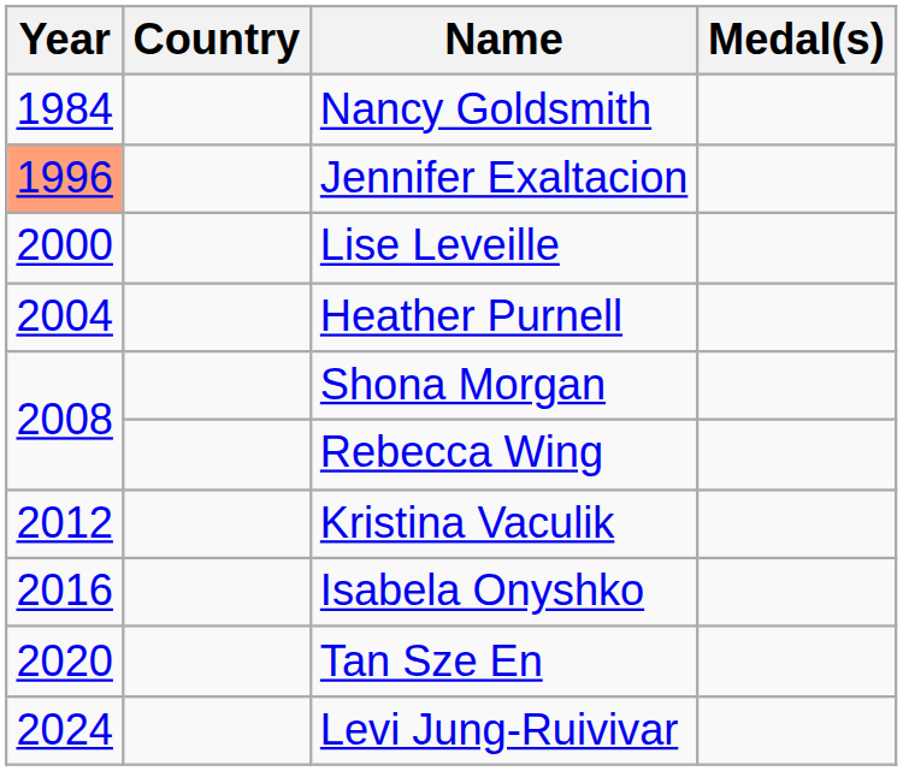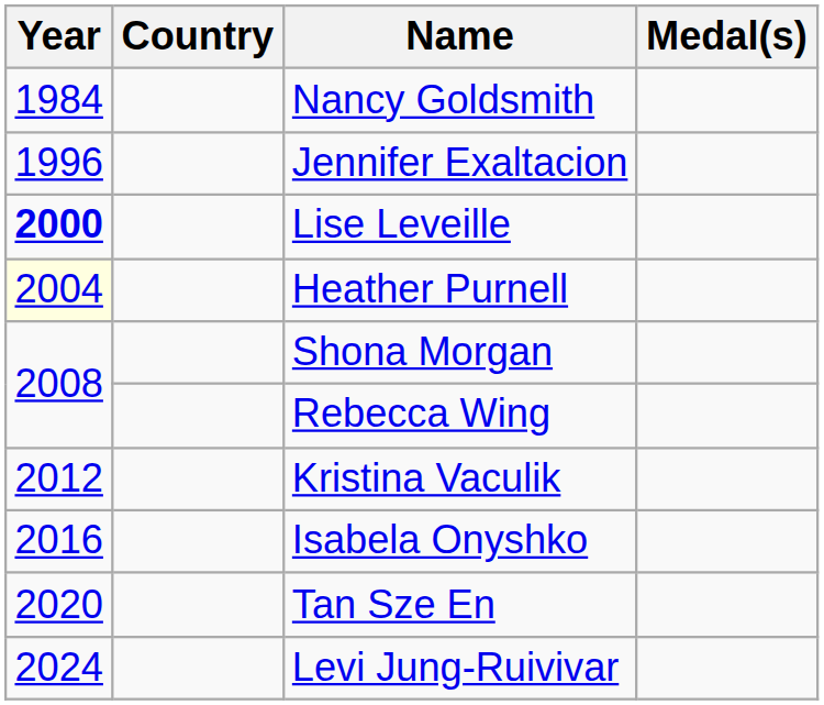 <table class="wikitable sortable">
 <tr>
 <th>Year</th>
 <th>Country</th>
 <th>Name</th>
 <th>Medal(s)</th>
 </tr>
 <tr>
 <td><a href='#'>1984</a></td>
 <td></td>
 <td><a href='#'>Nancy Goldsmith</a></td>
 <td></td>
 </tr>
 <tr>
-<td style="background: lightsalmon;"><a href='#'>1996</a></td>
+<td><a href='#'>1996</a></td>
 <td></td>
 <td><a href='#'>Jennifer Exaltacion</a></td>
 <td></td>
 </tr>
 <tr>
-<td><a href='#'>2000</a></td>
+<td><strong><a href='#'>2000</a></strong></td>
 <td></td>
 <td><a href='#'>Lise Leveille</a></td>
 <td></td>
 </tr>
 <tr>
-<td><a href='#'>2004</a></td>
+<td style="background: lightyellow;"><a href='#'>2004</a></td>
 <td></td>
 <td><a href='#'>Heather Purnell</a></td>
 <td></td>
 </tr>
 <tr>
 <td rowspan="2"><a href='#'>2008</a></td>
 <td></td>
 <td><a href='#'>Shona Morgan</a></td>
 <td></td>
 </tr>
 <tr>
 <td></td>
 <td><a href='#'>Rebecca Wing</a></td>
 <td></td>
 </tr>
 <tr>
 <td><a href='#'>2012</a></td>
 <td></td>
 <td><a href='#'>Kristina Vaculik</a></td>
 <td></td>
 </tr>
 <tr>
 <td><a href='#'>2016</a></td>
 <td></td>
 <td><a href='#'>Isabela Onyshko</a></td>
 <td></td>
 </tr>
 <tr>
 <td><a href='#'>2020</a></td>
 <td></td>
 <td><a href='#'>Tan Sze En</a></td>
 <td></td>
 </tr>
 <tr>
 <td><a href='#'>2024</a></td>
 <td></td>
 <td><a href='#'>Levi Jung-Ruivivar</a></td>
 <td></td>
 </tr>
 </table>
